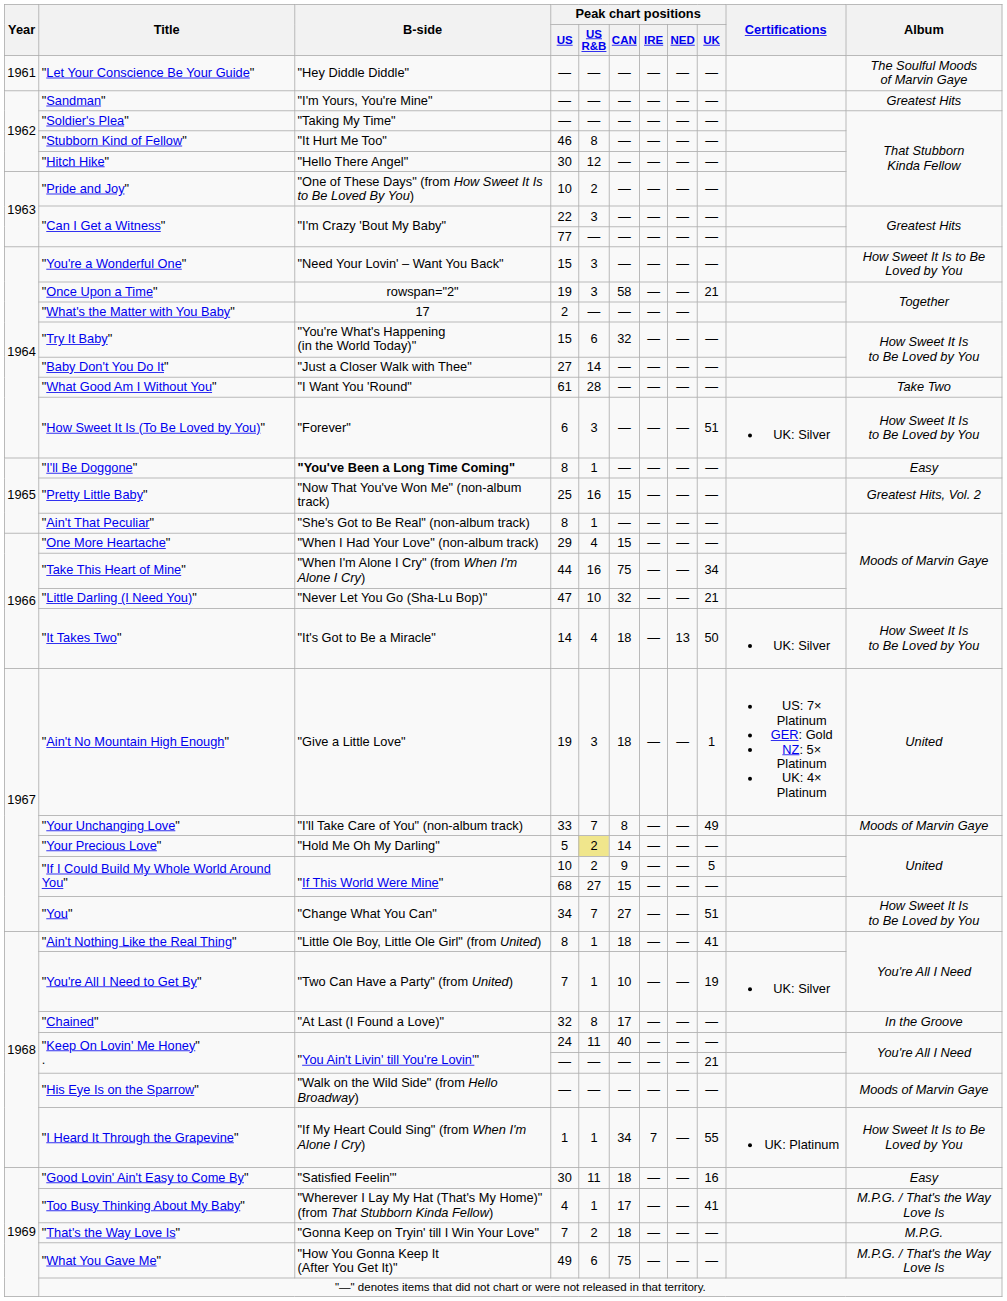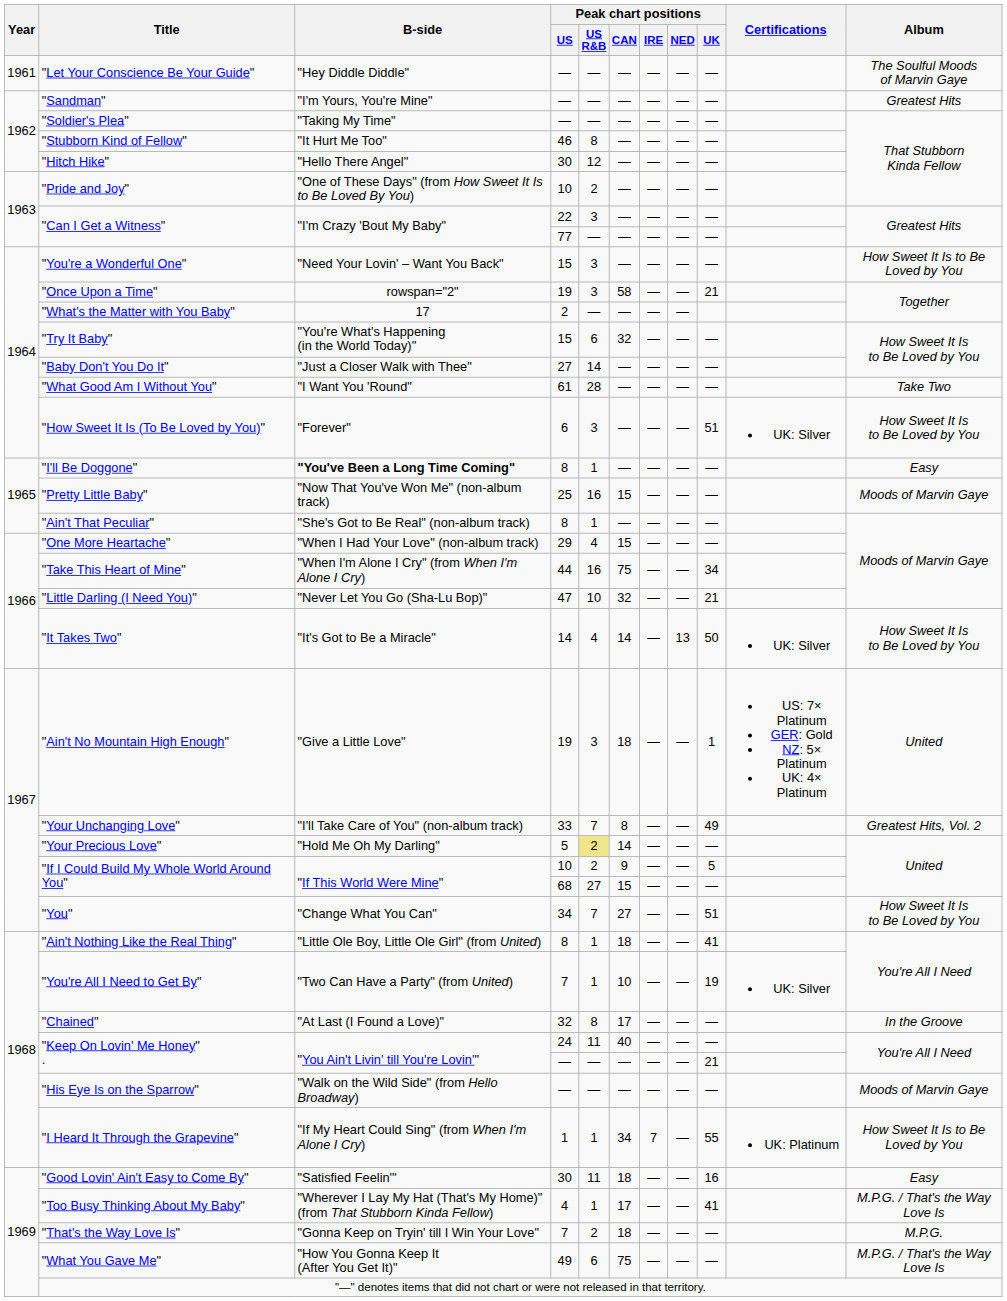 <table class="wikitable" style="text-align:center;">
 <tr>
 <th rowspan="2" style="width:2em;">Year</th>
 <th rowspan="2" style="width:20em;">Title</th>
 <th rowspan="2" style="width:20em;">B-side</th>
 <th colspan="6">Peak chart positions</th>
 <th rowspan="2" style="width:9em;"><a href='#'>Certifications</a></th>
 <th rowspan="2" style="width:12em;">Album</th>
 </tr>
 <tr>
 <th style="width:2em;font-size:90%;"><a href='#'>US</a><br></th>
 <th style="width:2em;font-size:90%;"><a href='#'>US<br>R&B</a><br></th>
 <th style="width:2em;font-size:90%;"><a href='#'>CAN</a><br></th>
 <th style="width:2em;font-size:90%;"><a href='#'>IRE</a><br></th>
 <th style="width:2em;font-size:90%;"><a href='#'>NED</a><br></th>
 <th style="width:2em;font-size:90%;"><a href='#'>UK</a><br></th>
 </tr>
 <tr>
 <td>1961</td>
 <td style="text-align:left;">"<a href='#'>Let Your Conscience Be Your Guide</a>"</td>
 <td style="text-align:left;">"Hey Diddle Diddle"</td>
 <td>—</td>
 <td>—</td>
 <td>—</td>
 <td>—</td>
 <td>—</td>
 <td>—</td>
 <td></td>
 <td><em>The Soulful Moods<br>of Marvin Gaye</em></td>
 </tr>
 <tr>
 <td rowspan="4">1962</td>
 <td style="text-align:left;">"<a href='#'>Sandman</a>"</td>
 <td style="text-align:left;">"I'm Yours, You're Mine"</td>
 <td>—</td>
 <td>—</td>
 <td>—</td>
 <td>—</td>
 <td>—</td>
 <td>—</td>
 <td></td>
 <td><em>Greatest Hits</em></td>
 </tr>
 <tr>
 <td style="text-align:left;">"<a href='#'>Soldier's Plea</a>"</td>
 <td style="text-align:left;">"Taking My Time"</td>
 <td>—</td>
 <td>—</td>
 <td>—</td>
 <td>—</td>
 <td>—</td>
 <td>—</td>
 <td></td>
 <td rowspan="4"><em>That Stubborn<br>Kinda Fellow</em></td>
 </tr>
 <tr>
 <td style="text-align:left;">"<a href='#'>Stubborn Kind of Fellow</a>"</td>
 <td style="text-align:left;">"It Hurt Me Too"</td>
 <td>46</td>
 <td>8</td>
 <td>—</td>
 <td>—</td>
 <td>—</td>
 <td>—</td>
 <td></td>
 </tr>
 <tr>
 <td style="text-align:left;">"<a href='#'>Hitch Hike</a>"</td>
 <td style="text-align:left;">"Hello There Angel"</td>
 <td>30</td>
 <td>12</td>
 <td>—</td>
 <td>—</td>
 <td>—</td>
 <td>—</td>
 <td></td>
 </tr>
 <tr>
 <td rowspan="3">1963</td>
 <td style="text-align:left;">"<a href='#'>Pride and Joy</a>"</td>
 <td style="text-align:left;">"One of These Days" (from <em>How Sweet It Is to Be Loved By You</em>)</td>
 <td>10</td>
 <td>2</td>
 <td>—</td>
 <td>—</td>
 <td>—</td>
 <td>—</td>
 <td></td>
 </tr>
 <tr>
 <td style="text-align:left;" rowspan="2">"<a href='#'>Can I Get a Witness</a>"</td>
 <td style="text-align:left;" rowspan="2">"I'm Crazy 'Bout My Baby"</td>
 <td>22</td>
 <td>3</td>
 <td>—</td>
 <td>—</td>
 <td>—</td>
 <td>—</td>
 <td></td>
 <td rowspan="2"><em>Greatest Hits</em></td>
 </tr>
 <tr>
 <td>77</td>
 <td>—</td>
 <td>—</td>
 <td>—</td>
 <td>—</td>
 <td>—</td>
 <td></td>
 </tr>
 <tr>
 <td rowspan="7">1964</td>
 <td style="text-align:left;">"<a href='#'>You're a Wonderful One</a>"</td>
 <td style="text-align:left;">"Need Your Lovin' – Want You Back"</td>
 <td>15</td>
 <td>3</td>
 <td>—</td>
 <td>—</td>
 <td>—</td>
 <td>—</td>
 <td></td>
 <td><em>How Sweet It Is to Be Loved by You</em></td>
 </tr>
 <tr>
 <td style="text-align:left;">"<a href='#'>Once Upon a Time</a>"</td>
 <td>rowspan="2" </td>
 <td>19</td>
 <td>3</td>
 <td>58</td>
 <td>—</td>
 <td>—</td>
 <td>21</td>
 <td></td>
 <td rowspan="2"><em>Together</em></td>
 </tr>
 <tr>
 <td style="text-align:left;">"<a href='#'>What's the Matter with You Baby</a>"</td>
 <td>17</td>
 <td>2</td>
 <td>—</td>
 <td>—</td>
 <td>—</td>
 <td>—</td>
 <td></td>
 </tr>
 <tr>
 <td style="text-align:left;">"<a href='#'>Try It Baby</a>"</td>
 <td style="text-align:left;">"You're What's Happening<br>(in the World Today)"</td>
 <td>15</td>
 <td>6</td>
 <td>32</td>
 <td>—</td>
 <td>—</td>
 <td>—</td>
 <td></td>
 <td rowspan="2"><em>How Sweet It Is<br>to Be Loved by You</em></td>
 </tr>
 <tr>
 <td style="text-align:left;">"<a href='#'>Baby Don't You Do It</a>"</td>
 <td style="text-align:left;">"Just a Closer Walk with Thee"</td>
 <td>27</td>
 <td>14</td>
 <td>—</td>
 <td>—</td>
 <td>—</td>
 <td>—</td>
 <td></td>
 </tr>
 <tr>
 <td style="text-align:left;">"<a href='#'>What Good Am I Without You</a>"</td>
 <td style="text-align:left;">"I Want You 'Round"</td>
 <td>61</td>
 <td>28</td>
 <td>—</td>
 <td>—</td>
 <td>—</td>
 <td>—</td>
 <td></td>
 <td><em>Take Two</em></td>
 </tr>
 <tr>
 <td style="text-align:left;">"<a href='#'>How Sweet It Is (To Be Loved by You)</a>"</td>
 <td style="text-align:left;">"Forever"</td>
 <td>6</td>
 <td>3</td>
 <td>—</td>
 <td>—</td>
 <td>—</td>
 <td>51</td>
 <td><br><ul><li>UK: Silver</li></ul></td>
 <td><em>How Sweet It Is<br>to Be Loved by You</em></td>
 </tr>
 <tr>
 <td rowspan="3">1965</td>
 <td style="text-align:left;">"<a href='#'>I'll Be Doggone</a>"</td>
 <td style="text-align:left;"><strong>"You've Been a Long Time Coming"</strong></td>
 <td>8</td>
 <td>1</td>
 <td>—</td>
 <td>—</td>
 <td>—</td>
 <td>—</td>
 <td></td>
 <td><em>Easy</em></td>
 </tr>
 <tr>
 <td style="text-align:left;">"<a href='#'>Pretty Little Baby</a>"</td>
 <td style="text-align:left;">"Now That You've Won Me" (non-album track)</td>
 <td>25</td>
 <td>16</td>
 <td>15</td>
 <td>—</td>
 <td>—</td>
 <td>—</td>
 <td></td>
-<td><em>Greatest Hits, Vol. 2</em></td>
+<td><em>Moods of Marvin Gaye</em></td>
 </tr>
 <tr>
 <td style="text-align:left;">"<a href='#'>Ain't That Peculiar</a>"</td>
 <td style="text-align:left;">"She's Got to Be Real" (non-album track)</td>
 <td>8</td>
 <td>1</td>
 <td>—</td>
 <td>—</td>
 <td>—</td>
 <td>—</td>
 <td></td>
 <td rowspan="4"><em>Moods of Marvin Gaye</em></td>
 </tr>
 <tr>
 <td rowspan="4">1966</td>
 <td style="text-align:left;">"<a href='#'>One More Heartache</a>"</td>
 <td style="text-align:left;">"When I Had Your Love" (non-album track)</td>
 <td>29</td>
 <td>4</td>
 <td>15</td>
 <td>—</td>
 <td>—</td>
 <td>—</td>
 <td></td>
 </tr>
 <tr>
 <td style="text-align:left;">"<a href='#'>Take This Heart of Mine</a>"</td>
 <td style="text-align:left;">"When I'm Alone I Cry" (from <em>When I'm Alone I Cry</em>)</td>
 <td>44</td>
 <td>16</td>
 <td>75</td>
 <td>—</td>
 <td>—</td>
 <td>34</td>
 <td></td>
 </tr>
 <tr>
 <td style="text-align:left;">"<a href='#'>Little Darling (I Need You)</a>"</td>
 <td style="text-align:left;">"Never Let You Go (Sha-Lu Bop)"</td>
 <td>47</td>
 <td>10</td>
 <td>32</td>
 <td>—</td>
 <td>—</td>
 <td>21</td>
 <td></td>
 </tr>
 <tr>
 <td style="text-align:left;">"<a href='#'>It Takes Two</a>"</td>
 <td style="text-align:left;">"It's Got to Be a Miracle"</td>
 <td>14</td>
 <td>4</td>
-<td>18</td>
+<td>14</td>
 <td>—</td>
 <td>13</td>
 <td>50</td>
 <td><br><ul><li>UK: Silver</li></ul></td>
 <td><em>How Sweet It Is<br>to Be Loved by You</em></td>
 </tr>
 <tr>
 <td rowspan="6">1967</td>
 <td style="text-align:left;">"<a href='#'>Ain't No Mountain High Enough</a>"</td>
 <td style="text-align:left;">"Give a Little Love"</td>
 <td>19</td>
 <td>3</td>
 <td>18</td>
 <td>—</td>
 <td>—</td>
 <td>1</td>
 <td><br><ul><li>US: 7× Platinum</li><li><a href='#'>GER</a>: Gold</li><li><a href='#'>NZ</a>: 5× Platinum</li><li>UK: 4× Platinum</li></ul></td>
 <td><em>United</em></td>
 </tr>
 <tr>
 <td style="text-align:left;">"<a href='#'>Your Unchanging Love</a>"</td>
 <td style="text-align:left;">"I'll Take Care of You" (non-album track)</td>
 <td>33</td>
 <td>7</td>
 <td>8</td>
 <td>—</td>
 <td>—</td>
 <td>49</td>
 <td></td>
-<td><em>Moods of Marvin Gaye</em></td>
+<td><em>Greatest Hits, Vol. 2</em></td>
 </tr>
 <tr>
 <td style="text-align:left;">"<a href='#'>Your Precious Love</a>"</td>
 <td style="text-align:left;">"Hold Me Oh My Darling"</td>
 <td>5</td>
 <td style="background: khaki;">2</td>
 <td>14</td>
 <td>—</td>
 <td>—</td>
 <td>—</td>
 <td></td>
 <td rowspan="3"><em>United</em></td>
 </tr>
 <tr>
 <td style="text-align:left;" rowspan="2">"<a href='#'>If I Could Build My Whole World Around You</a>"</td>
 <td style="text-align:left;" rowspan="2"><br>"<a href='#'>If This World Were Mine</a>"</td>
 <td>10</td>
 <td>2</td>
 <td>9</td>
 <td>—</td>
 <td>—</td>
 <td>5</td>
 <td></td>
 </tr>
 <tr>
 <td>68</td>
 <td>27</td>
 <td>15</td>
 <td>—</td>
 <td>—</td>
 <td>—</td>
 <td></td>
 </tr>
 <tr>
 <td style="text-align:left;">"<a href='#'>You</a>"</td>
 <td style="text-align:left;">"Change What You Can"</td>
 <td>34</td>
 <td>7</td>
 <td>27</td>
 <td>—</td>
 <td>—</td>
 <td>51</td>
 <td></td>
 <td><em>How Sweet It Is<br>to Be Loved by You</em></td>
 </tr>
 <tr>
 <td rowspan="7">1968</td>
 <td style="text-align:left;">"<a href='#'>Ain't Nothing Like the Real Thing</a>"</td>
 <td style="text-align:left;">"Little Ole Boy, Little Ole Girl" (from <em>United</em>)</td>
 <td>8</td>
 <td>1</td>
 <td>18</td>
 <td>—</td>
 <td>—</td>
 <td>41</td>
 <td></td>
 <td rowspan="2"><em>You're All I Need</em></td>
 </tr>
 <tr>
 <td style="text-align:left;">"<a href='#'>You're All I Need to Get By</a>"</td>
 <td style="text-align:left;">"Two Can Have a Party" (from <em>United</em>)</td>
 <td>7</td>
 <td>1</td>
 <td>10</td>
 <td>—</td>
 <td>—</td>
 <td>19</td>
 <td><br><ul><li>UK: Silver</li></ul></td>
 </tr>
 <tr>
 <td style="text-align:left;">"<a href='#'>Chained</a>"</td>
 <td style="text-align:left;">"At Last (I Found a Love)"</td>
 <td>32</td>
 <td>8</td>
 <td>17</td>
 <td>—</td>
 <td>—</td>
 <td>—</td>
 <td></td>
 <td><em>In the Groove</em></td>
 </tr>
 <tr>
 <td style="text-align:left;" rowspan="2">"<a href='#'>Keep On Lovin' Me Honey</a>"<br>.</td>
 <td style="text-align:left;" rowspan="2"><br>"<a href='#'>You Ain't Livin' till You're Lovin'</a>"</td>
 <td>24</td>
 <td>11</td>
 <td>40</td>
 <td>—</td>
 <td>—</td>
 <td>—</td>
 <td></td>
 <td rowspan="2"><em>You're All I Need</em></td>
 </tr>
 <tr>
 <td>—</td>
 <td>—</td>
 <td>—</td>
 <td>—</td>
 <td>—</td>
 <td>21</td>
 <td></td>
 </tr>
 <tr>
 <td style="text-align:left;">"<a href='#'>His Eye Is on the Sparrow</a>"</td>
 <td style="text-align:left;">"Walk on the Wild Side" (from <em>Hello Broadway</em>)</td>
 <td>—</td>
 <td>—</td>
 <td>—</td>
 <td>—</td>
 <td>—</td>
 <td>—</td>
 <td></td>
 <td><em>Moods of Marvin Gaye</em></td>
 </tr>
 <tr>
 <td style="text-align:left;">"<a href='#'>I Heard It Through the Grapevine</a>"</td>
 <td style="text-align:left;">"If My Heart Could Sing" (from <em>When I'm Alone I Cry</em>)</td>
 <td>1</td>
 <td>1</td>
 <td>34</td>
 <td>7</td>
 <td>—</td>
 <td>55</td>
 <td><br><ul><li>UK: Platinum</li></ul></td>
 <td><em>How Sweet It Is to Be Loved by You</em></td>
 </tr>
 <tr>
 <td rowspan="5">1969</td>
 <td style="text-align:left;">"<a href='#'>Good Lovin' Ain't Easy to Come By</a>"</td>
 <td style="text-align:left;">"Satisfied Feelin'"</td>
 <td>30</td>
 <td>11</td>
 <td>18</td>
 <td>—</td>
 <td>—</td>
 <td>16</td>
 <td></td>
 <td><em>Easy</em></td>
 </tr>
 <tr>
 <td style="text-align:left;">"<a href='#'>Too Busy Thinking About My Baby</a>"</td>
 <td style="text-align:left;">"Wherever I Lay My Hat (That's My Home)" (from <em>That Stubborn Kinda Fellow</em>)</td>
 <td>4</td>
 <td>1</td>
 <td>17</td>
 <td>—</td>
 <td>—</td>
 <td>41</td>
 <td></td>
 <td><em>M.P.G. / That's the Way Love Is</em></td>
 </tr>
 <tr>
 <td style="text-align:left;">"<a href='#'>That's the Way Love Is</a>"</td>
 <td style="text-align:left;">"Gonna Keep on Tryin' till I Win Your Love"</td>
 <td>7</td>
 <td>2</td>
 <td>18</td>
 <td>—</td>
 <td>—</td>
 <td>—</td>
 <td></td>
 <td><em>M.P.G.</em></td>
 </tr>
 <tr>
 <td style="text-align:left;">"<a href='#'>What You Gave Me</a>"</td>
 <td style="text-align:left;">"How You Gonna Keep It<br>(After You Get It)"</td>
 <td>49</td>
 <td>6</td>
 <td>75</td>
 <td>—</td>
 <td>—</td>
 <td>—</td>
 <td></td>
 <td><em>M.P.G. / That's the Way Love Is</em></td>
 </tr>
 <tr>
 <td colspan="15" style="font-size:90%">"—" denotes items that did not chart or were not released in that territory.</td>
 </tr>
 </table>
